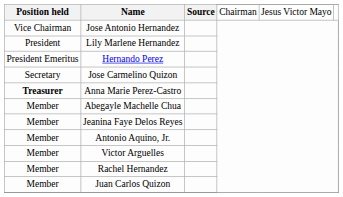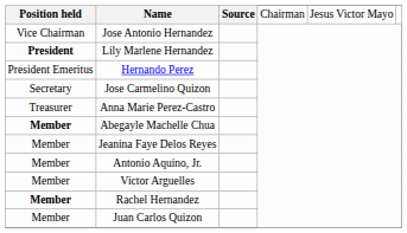 <table class="wikitable sortable" style="background-color:#FDFDFD;text-align:center;font-size:90%;border:1pt solid grey;">
 <tr>
 <th rowspan="2">Position held</th>
 <th rowspan="2">Name</th>
 <th rowspan="2">Source</th>
 </tr>
 <tr>
 <td>Chairman</td>
 <td>Jesus Victor Mayo</td>
 <td></td>
 </tr>
 <tr>
 <td>Vice Chairman</td>
 <td>Jose Antonio Hernandez</td>
 <td></td>
 </tr>
 <tr>
-<td>President</td>
+<td><strong>President</strong></td>
 <td>Lily Marlene Hernandez</td>
 <td></td>
 </tr>
 <tr>
 <td>President Emeritus</td>
 <td><a href='#'>Hernando Perez</a></td>
 <td></td>
 </tr>
 <tr>
 <td>Secretary</td>
 <td>Jose Carmelino Quizon</td>
 <td></td>
 </tr>
 <tr>
-<td><strong>Treasurer</strong></td>
+<td>Treasurer</td>
 <td>Anna Marie Perez-Castro</td>
 <td></td>
 </tr>
 <tr>
-<td>Member</td>
+<td><strong>Member</strong></td>
 <td>Abegayle Machelle Chua</td>
 <td></td>
 </tr>
 <tr>
 <td>Member</td>
 <td>Jeanina Faye Delos Reyes</td>
 <td></td>
 </tr>
 <tr>
 <td>Member</td>
 <td>Antonio Aquino, Jr.</td>
 <td></td>
 </tr>
 <tr>
 <td>Member</td>
 <td>Victor Arguelles</td>
 <td></td>
 </tr>
 <tr>
-<td>Member</td>
+<td><strong>Member</strong></td>
 <td>Rachel Hernandez</td>
 <td></td>
 </tr>
 <tr>
 <td>Member</td>
 <td>Juan Carlos Quizon</td>
 <td></td>
 </tr>
 <tr>
 </tr>
 </table>
